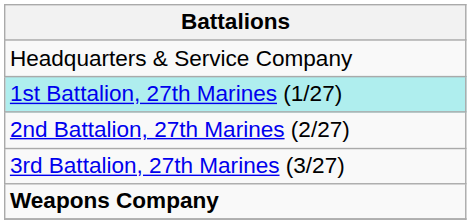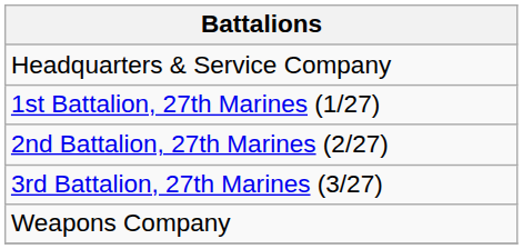 <table class="wikitable" style="text-align: center;">
 <tr>
 <th style="width:20em">Battalions</th>
 </tr>
 <tr>
 <td align="left">Headquarters & Service Company</td>
 </tr>
 <tr>
-<td align="left" style="background: paleturquoise;"><a href='#'>1st Battalion, 27th Marines</a> (1/27)</td>
+<td align="left"><a href='#'>1st Battalion, 27th Marines</a> (1/27)</td>
 </tr>
 <tr>
 <td align="left"><a href='#'>2nd Battalion, 27th Marines</a> (2/27)</td>
 </tr>
 <tr>
 <td align="left"><a href='#'>3rd Battalion, 27th Marines</a> (3/27)</td>
 </tr>
 <tr>
-<td align="left"><strong>Weapons Company</strong></td>
+<td align="left">Weapons Company</td>
 </tr>
 <tr>
 </tr>
 </table>
